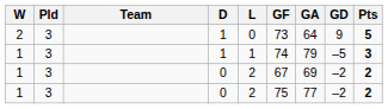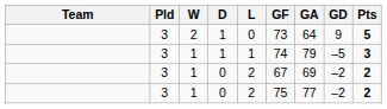 <table class="wikitable" style="text-align: center;">
 <tr>
+<th width="180">Team</th>
+<th width="30">Pld</th>
 <th width="30">W</th>
-<th width="30">Pld</th>
-<th width="180">Team</th>
 <th width="30">D</th>
 <th width="30">L</th>
 <th width="30">GF</th>
 <th width="30">GA</th>
 <th width="30">GD</th>
 <th width="30">Pts</th>
 </tr>
 <tr>
+<td align="left"></td>
+<td>3</td>
 <td>2</td>
-<td>3</td>
-<td align="left"></td>
 <td>1</td>
 <td>0</td>
 <td>73</td>
 <td>64</td>
 <td>9</td>
 <td><strong>5</strong></td>
 </tr>
 <tr>
+<td align="left"></td>
+<td>3</td>
 <td>1</td>
-<td>3</td>
-<td align="left"></td>
 <td>1</td>
 <td>1</td>
 <td>74</td>
 <td>79</td>
 <td>–5</td>
 <td><strong>3</strong></td>
 </tr>
 <tr>
+<td align="left"></td>
+<td>3</td>
 <td>1</td>
-<td>3</td>
-<td align="left"></td>
 <td>0</td>
 <td>2</td>
 <td>67</td>
 <td>69</td>
 <td>–2</td>
 <td><strong>2</strong></td>
 </tr>
 <tr>
+<td align="left"></td>
+<td>3</td>
 <td>1</td>
-<td>3</td>
-<td align="left"></td>
 <td>0</td>
 <td>2</td>
 <td>75</td>
 <td>77</td>
 <td>–2</td>
 <td><strong>2</strong></td>
 </tr>
 </table>
